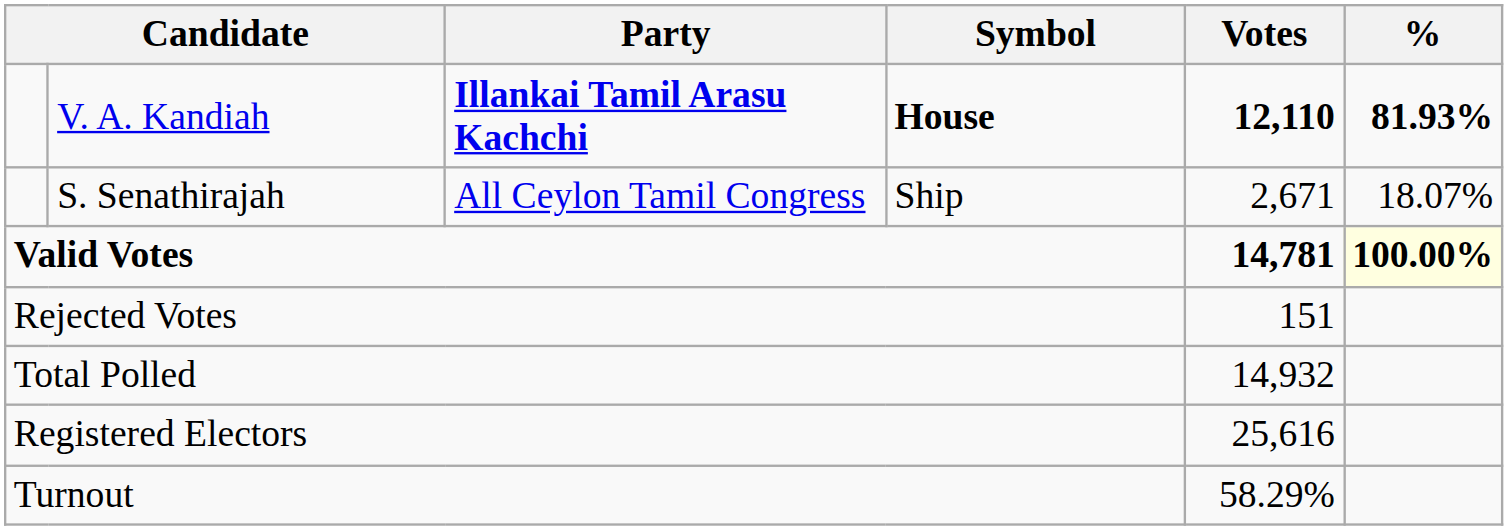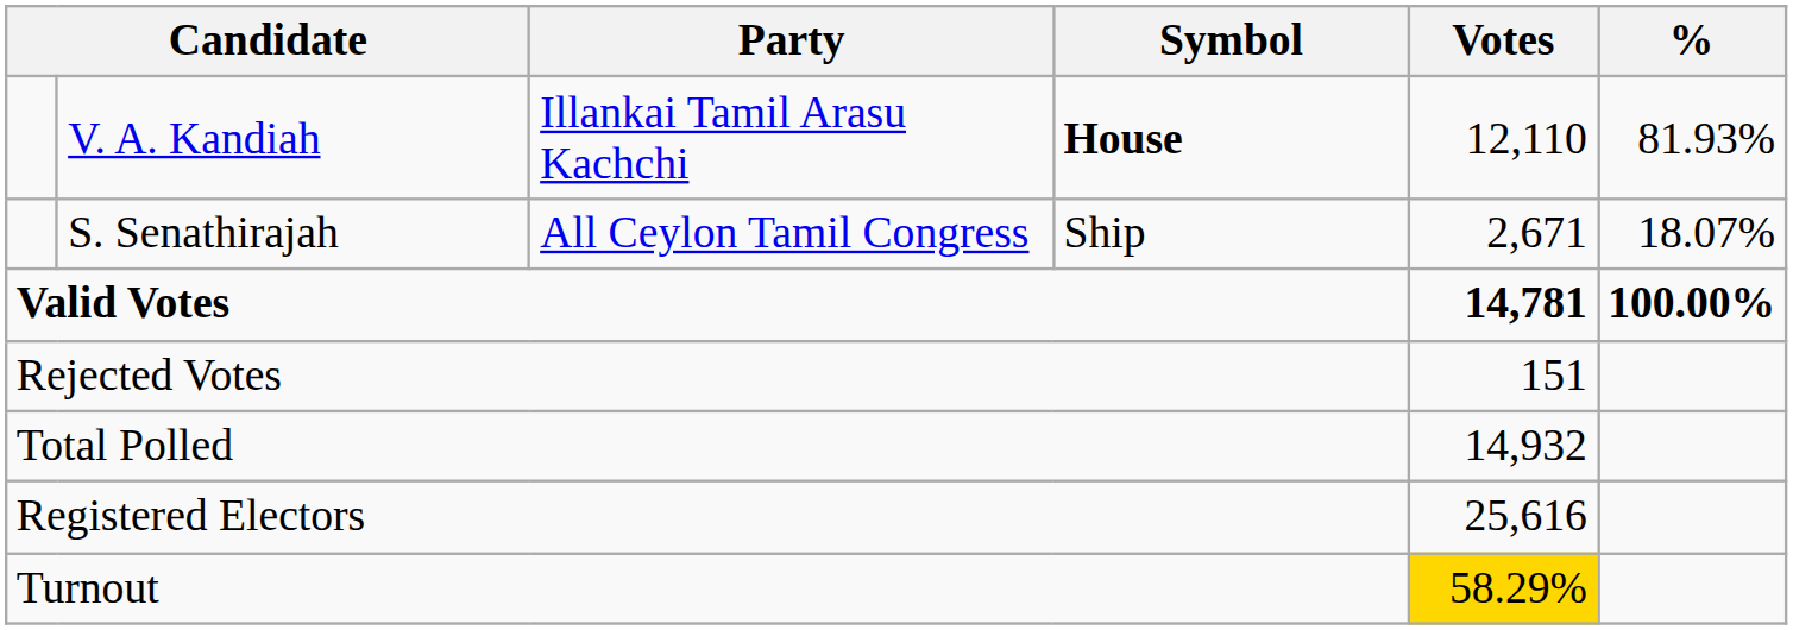 <table class="wikitable" border="1" style="text-align:right;">
 <tr>
 <th align=left colspan=2 width="180">Candidate</th>
 <th align=left width="180">Party</th>
 <th align=left width="120">Symbol</th>
 <th align=left width="60">Votes</th>
 <th align=left width="60">%</th>
 </tr>
 <tr>
 <td bgcolor=> </td>
 <td align=left><a href='#'>V. A. Kandiah</a></td>
-<td align=left><strong><a href='#'>Illankai Tamil Arasu Kachchi</a></strong></td>
+<td align=left><a href='#'>Illankai Tamil Arasu Kachchi</a></td>
 <td align=left><strong>House</strong></td>
-<td><strong>12,110</strong></td>
-<td><strong>81.93%</strong></td>
+<td>12,110</td>
+<td>81.93%</td>
 </tr>
 <tr>
 <td bgcolor=> </td>
 <td align=left>S. Senathirajah</td>
 <td align=left><a href='#'>All Ceylon Tamil Congress</a></td>
 <td align=left>Ship</td>
 <td>2,671</td>
 <td>18.07%</td>
 </tr>
 <tr>
 <td align=left colspan=4><strong>Valid Votes</strong></td>
 <td><strong>14,781</strong></td>
-<td style="background: lightyellow;"><strong>100.00%</strong></td>
+<td><strong>100.00%</strong></td>
 </tr>
 <tr>
 <td align=left colspan=4>Rejected Votes</td>
 <td>151</td>
 <td></td>
 </tr>
 <tr>
 <td align=left colspan=4>Total Polled</td>
 <td>14,932</td>
 <td></td>
 </tr>
 <tr>
 <td align=left colspan=4>Registered Electors</td>
 <td>25,616</td>
 <td></td>
 </tr>
 <tr>
 <td align=left colspan=4>Turnout</td>
-<td>58.29%</td>
+<td style="background: gold;">58.29%</td>
 </tr>
 </table>
